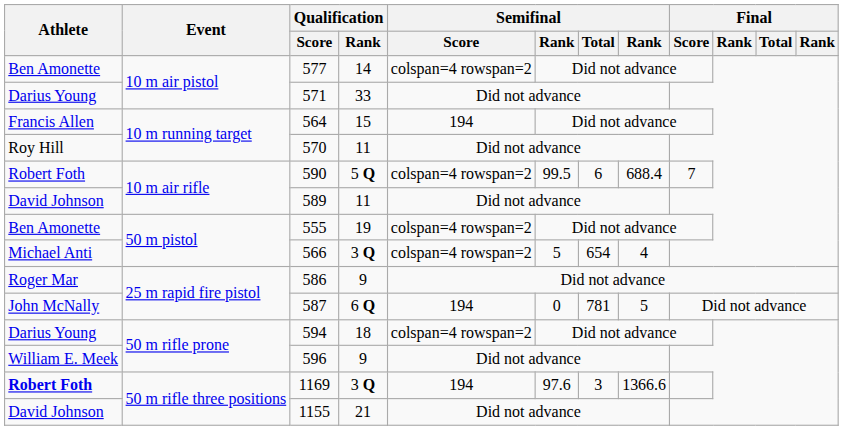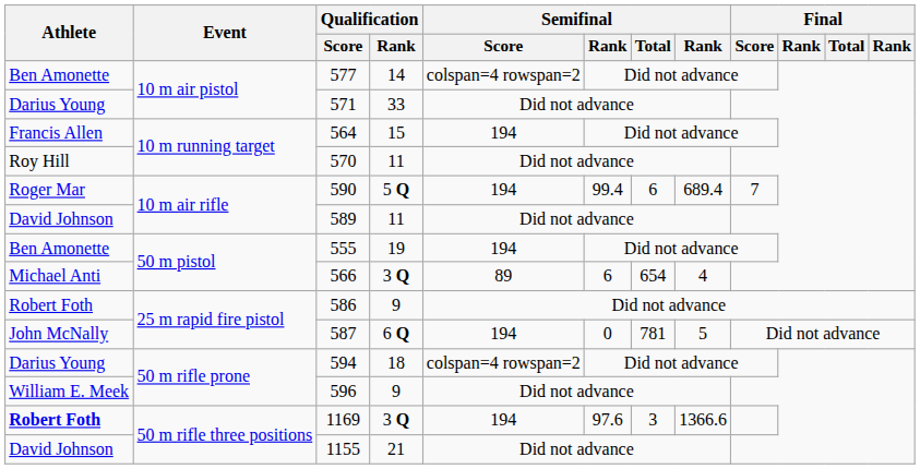 <table class=wikitable style=font-size:90%;text-align:center>
 <tr>
 <th rowspan=2>Athlete</th>
 <th rowspan=2>Event</th>
 <th colspan=2>Qualification</th>
 <th colspan=4>Semifinal</th>
 <th colspan=4>Final</th>
 </tr>
 <tr style=font-size:95%>
 <th>Score</th>
 <th>Rank</th>
 <th>Score</th>
 <th>Rank</th>
 <th>Total</th>
 <th>Rank</th>
 <th>Score</th>
 <th>Rank</th>
 <th>Total</th>
 <th>Rank</th>
 </tr>
 <tr>
 <td align=left><a href='#'>Ben Amonette</a></td>
 <td align=left rowspan=2><a href='#'>10 m air pistol</a></td>
 <td>577</td>
 <td>14</td>
 <td>colspan=4 rowspan=2 </td>
 <td colspan=4>Did not advance</td>
 </tr>
 <tr>
 <td align=left><a href='#'>Darius Young</a></td>
 <td>571</td>
 <td>33</td>
 <td colspan=4>Did not advance</td>
 </tr>
 <tr>
 <td align=left><a href='#'>Francis Allen</a></td>
 <td align=left rowspan=2><a href='#'>10 m running target</a></td>
 <td>564</td>
 <td>15</td>
 <td>194</td>
 <td colspan=4>Did not advance</td>
 </tr>
 <tr>
 <td align=left>Roy Hill</td>
 <td>570</td>
 <td>11</td>
 <td colspan=4>Did not advance</td>
 </tr>
 <tr>
-<td align=left><a href='#'>Robert Foth</a></td>
+<td align=left><a href='#'>Roger Mar</a></td>
 <td align=left rowspan=2><a href='#'>10 m air rifle</a></td>
 <td>590</td>
 <td>5 <strong>Q</strong></td>
-<td>colspan=4 rowspan=2 </td>
-<td>99.5</td>
+<td>194</td>
+<td>99.4</td>
 <td>6</td>
-<td>688.4</td>
+<td>689.4</td>
 <td>7</td>
 </tr>
 <tr>
 <td align=left><a href='#'>David Johnson</a></td>
 <td>589</td>
 <td>11</td>
 <td colspan=4>Did not advance</td>
 </tr>
 <tr>
 <td align=left><a href='#'>Ben Amonette</a></td>
 <td align=left rowspan=2><a href='#'>50 m pistol</a></td>
 <td>555</td>
 <td>19</td>
-<td>colspan=4 rowspan=2 </td>
+<td>194</td>
 <td colspan=4>Did not advance</td>
 </tr>
 <tr>
 <td align=left><a href='#'>Michael Anti</a></td>
 <td>566</td>
 <td>3 <strong>Q</strong></td>
-<td>colspan=4 rowspan=2 </td>
-<td>5</td>
+<td>89</td>
+<td>6</td>
 <td>654</td>
 <td>4</td>
 </tr>
 <tr>
-<td align=left><a href='#'>Roger Mar</a></td>
+<td align=left><a href='#'>Robert Foth</a></td>
 <td align=left rowspan=2><a href='#'>25 m rapid fire pistol</a></td>
 <td>586</td>
 <td>9</td>
 <td colspan=8>Did not advance</td>
 </tr>
 <tr>
 <td align=left><a href='#'>John McNally</a></td>
 <td>587</td>
 <td>6 <strong>Q</strong></td>
 <td>194</td>
 <td>0</td>
 <td>781</td>
 <td>5</td>
 <td colspan=4>Did not advance</td>
 </tr>
 <tr>
 <td align=left><a href='#'>Darius Young</a></td>
 <td align=left rowspan=2><a href='#'>50 m rifle prone</a></td>
 <td>594</td>
 <td>18</td>
 <td>colspan=4 rowspan=2 </td>
 <td colspan=4>Did not advance</td>
 </tr>
 <tr>
 <td align=left><a href='#'>William E. Meek</a></td>
 <td>596</td>
 <td>9</td>
 <td colspan=4>Did not advance</td>
 </tr>
 <tr>
 <td align=left><strong><a href='#'>Robert Foth</a></strong></td>
 <td align=left rowspan=2><a href='#'>50 m rifle three positions</a></td>
 <td>1169</td>
 <td>3 <strong>Q</strong></td>
 <td>194</td>
 <td>97.6</td>
 <td>3</td>
 <td>1366.6</td>
 <td></td>
 </tr>
 <tr>
 <td align=left><a href='#'>David Johnson</a></td>
 <td>1155</td>
 <td>21</td>
 <td colspan=4>Did not advance</td>
 </tr>
 </table>
